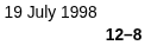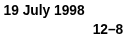 <table>
 <tr>
 <th width=40%></th>
 <th width=20%></th>
 <th width=40%></th>
 </tr>
 <tr>
-<td>19 July 1998</td>
+<td><strong>19 July 1998</strong></td>
 </tr>
 <tr>
 <td align=right><strong></strong></td>
 <td align=center><strong>12–8</strong></td>
 <td></td>
 </tr>
 </table>
